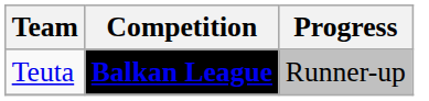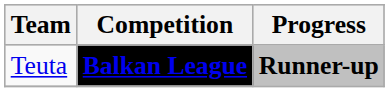 <table class="wikitable sortable">
 <tr>
 <th>Team</th>
 <th>Competition</th>
 <th>Progress</th>
 </tr>
 <tr>
 <td><a href='#'>Teuta</a></td>
 <td align="center" style="background:black;"><a href='#'><span><strong>Balkan League</strong></span></a></td>
-<td bgcolor=silver>Runner-up</td>
+<td bgcolor=silver><strong>Runner-up</strong></td>
 </tr>
 <tr>
 </tr>
 </table>
